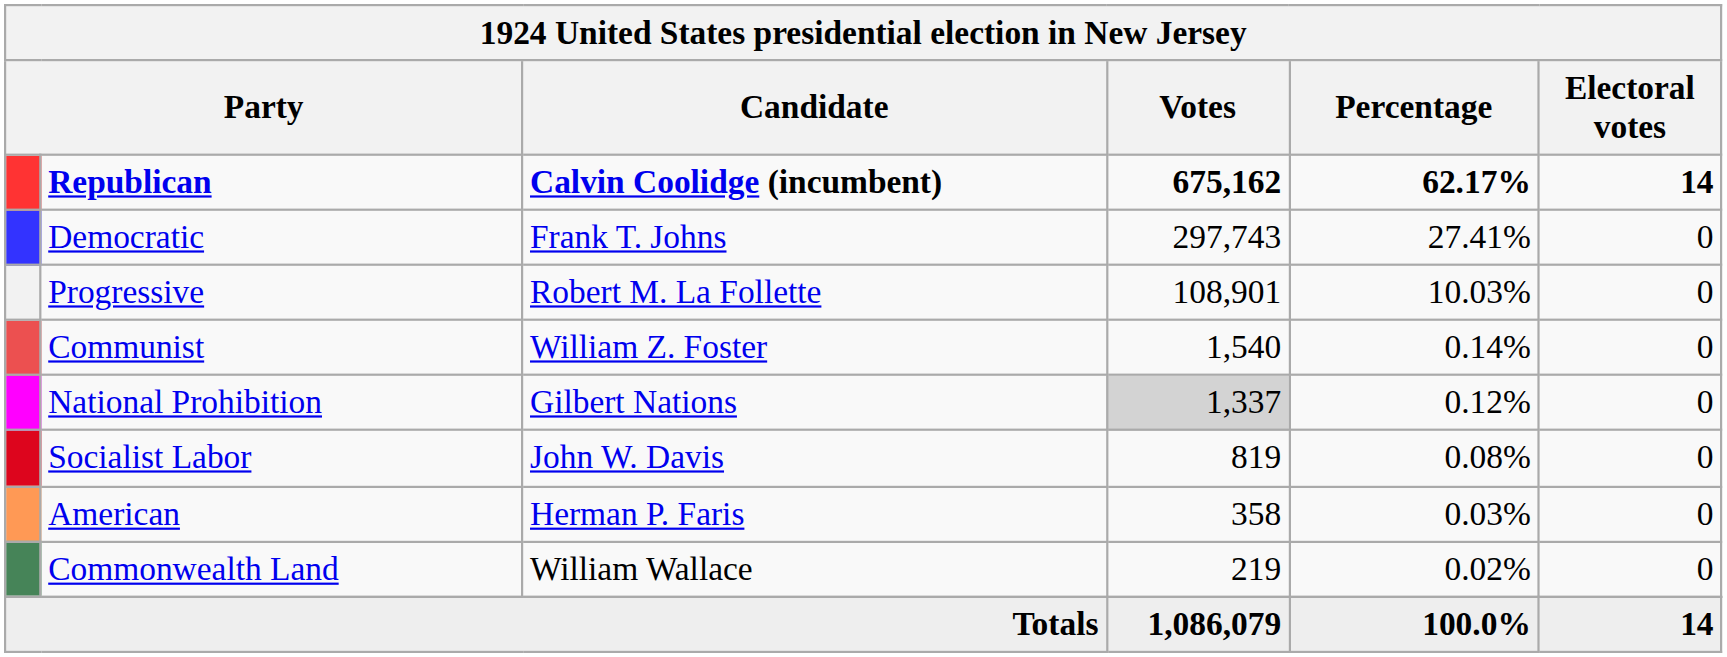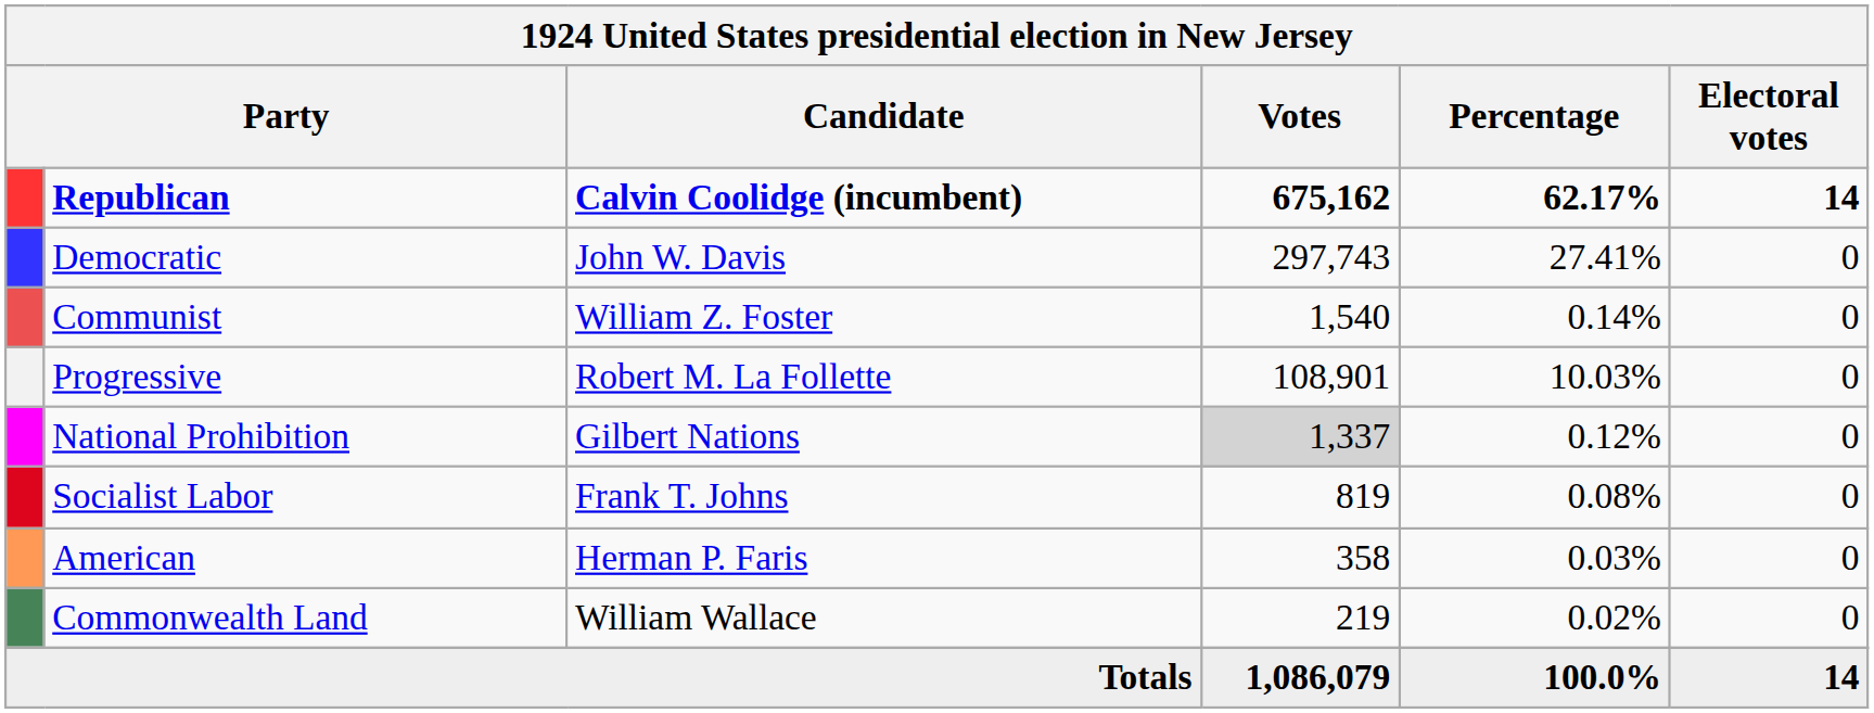 <table class="wikitable" style="font-size: 95%;">
 <tr>
 <th colspan="6">1924 United States presidential election in New Jersey</th>
 </tr>
 <tr>
 <th colspan="2" style="width: 15em">Party</th>
 <th style="width: 17em">Candidate</th>
 <th style="width: 5em">Votes</th>
 <th style="width: 7em">Percentage</th>
 <th style="width: 5em">Electoral votes</th>
 </tr>
 <tr>
 <th style="background-color:#FF3333; width: 3px"></th>
 <td style="width: 130px"><strong><a href='#'>Republican</a></strong></td>
 <td><strong><a href='#'>Calvin Coolidge</a> (incumbent)</strong></td>
 <td align="right"><strong>675,162</strong></td>
 <td align="right"><strong>62.17%</strong></td>
 <td align="right"><strong>14</strong></td>
 </tr>
 <tr>
 <th style="background-color:#3333FF; width: 3px"></th>
 <td style="width: 130px"><a href='#'>Democratic</a></td>
-<td><a href='#'>Frank T. Johns</a></td>
+<td><a href='#'>John W. Davis</a></td>
 <td align="right">297,743</td>
 <td align="right">27.41%</td>
+<td align="right">0</td>
+</tr>
+<tr>
+<th style="background-color:#EC5050; width: 3px"></th>
+<td style="width: 130px"><a href='#'>Communist</a></td>
+<td><a href='#'>William Z. Foster</a></td>
+<td align="right">1,540</td>
+<td align="right">0.14%</td>
 <td align="right">0</td>
 </tr>
 <tr>
 <th style="background-color:"></th>
 <td style="width: 130px"><a href='#'>Progressive</a></td>
 <td><a href='#'>Robert M. La Follette</a></td>
 <td align="right">108,901</td>
 <td align="right">10.03%</td>
-<td align="right">0</td>
-</tr>
-<tr>
-<th style="background-color:#EC5050; width: 3px"></th>
-<td style="width: 130px"><a href='#'>Communist</a></td>
-<td><a href='#'>William Z. Foster</a></td>
-<td align="right">1,540</td>
-<td align="right">0.14%</td>
 <td align="right">0</td>
 </tr>
 <tr>
 <th style="background-color:#FF00FF; width: 3px"></th>
 <td style="width: 130px"><a href='#'>National Prohibition</a></td>
 <td><a href='#'>Gilbert Nations</a></td>
 <td align="right" style="background: lightgrey;">1,337</td>
 <td align="right">0.12%</td>
 <td align="right">0</td>
 </tr>
 <tr>
 <th style="background-color:#DD051D; width: 3px"></th>
 <td style="width: 130px"><a href='#'>Socialist Labor</a></td>
-<td><a href='#'>John W. Davis</a></td>
+<td><a href='#'>Frank T. Johns</a></td>
 <td align="right">819</td>
 <td align="right">0.08%</td>
 <td align="right">0</td>
 </tr>
 <tr>
 <th style="background-color:#f95; width: 3px"></th>
 <td style="width: 130px"><a href='#'>American</a></td>
 <td><a href='#'>Herman P. Faris</a></td>
 <td align="right">358</td>
 <td align="right">0.03%</td>
 <td align="right">0</td>
 </tr>
 <tr>
 <th style="background-color:#468458; width: 3px"></th>
 <td style="width: 130px"><a href='#'>Commonwealth Land</a></td>
 <td>William Wallace</td>
 <td align="right">219</td>
 <td align="right">0.02%</td>
 <td align="right">0</td>
 </tr>
 <tr>
 </tr>
 <tr style="background:#eee; text-align:right;">
 <td colspan="3"><strong>Totals</strong></td>
 <td><strong>1,086,079</strong></td>
 <td><strong>100.0%</strong></td>
 <td><strong>14</strong></td>
 </tr>
 </table>
